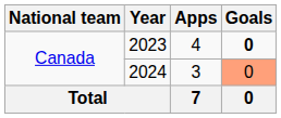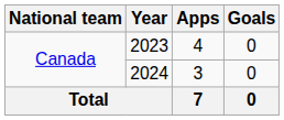 <table class="wikitable" style="text-align:center">
 <tr>
 <th>National team</th>
 <th>Year</th>
 <th>Apps</th>
 <th>Goals</th>
 </tr>
 <tr>
 <td rowspan="2"><a href='#'>Canada</a></td>
 <td>2023</td>
 <td>4</td>
-<td><strong>0</strong></td>
+<td>0</td>
 </tr>
 <tr>
 <td>2024</td>
 <td>3</td>
-<td style="background: lightsalmon;">0</td>
+<td>0</td>
 </tr>
 <tr>
 <th colspan="2">Total</th>
 <th>7</th>
 <th>0</th>
 </tr>
 </table>
